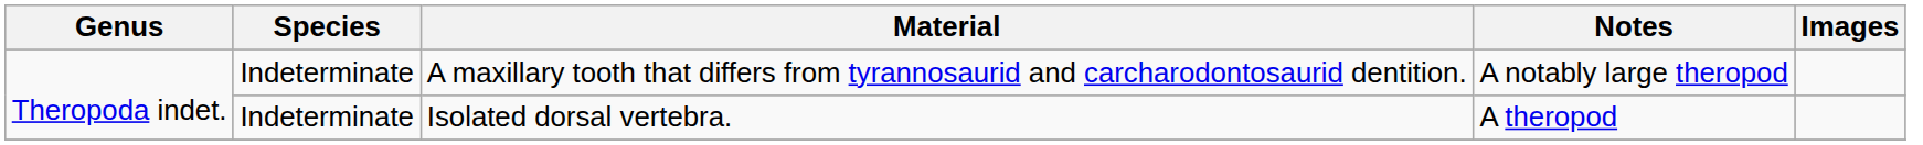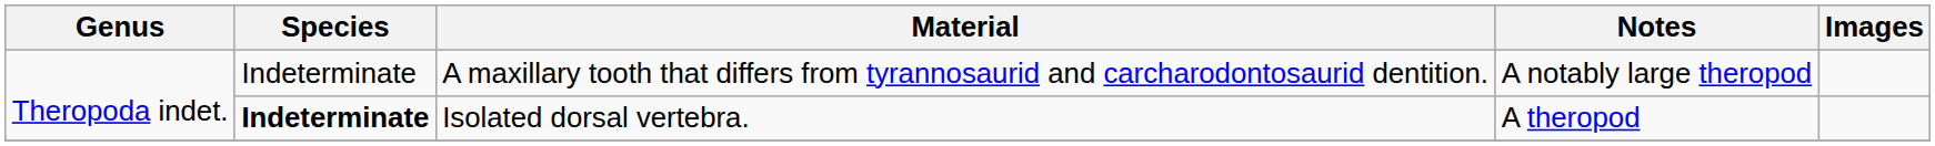 <table class="wikitable" align="center">
 <tr>
 <th>Genus</th>
 <th>Species</th>
 <th>Material</th>
 <th>Notes</th>
 <th>Images</th>
 </tr>
 <tr>
 <td rowspan="2"><br><a href='#'>Theropoda</a> indet.</td>
 <td>Indeterminate</td>
 <td>A maxillary tooth that differs from <a href='#'>tyrannosaurid</a> and <a href='#'>carcharodontosaurid</a> dentition.</td>
 <td>A notably large <a href='#'>theropod</a></td>
 <td></td>
 </tr>
 <tr>
-<td>Indeterminate</td>
+<td><strong>Indeterminate</strong></td>
 <td>Isolated dorsal vertebra.</td>
 <td>A <a href='#'>theropod</a></td>
 <td></td>
 </tr>
 <tr>
 </tr>
 </table>
